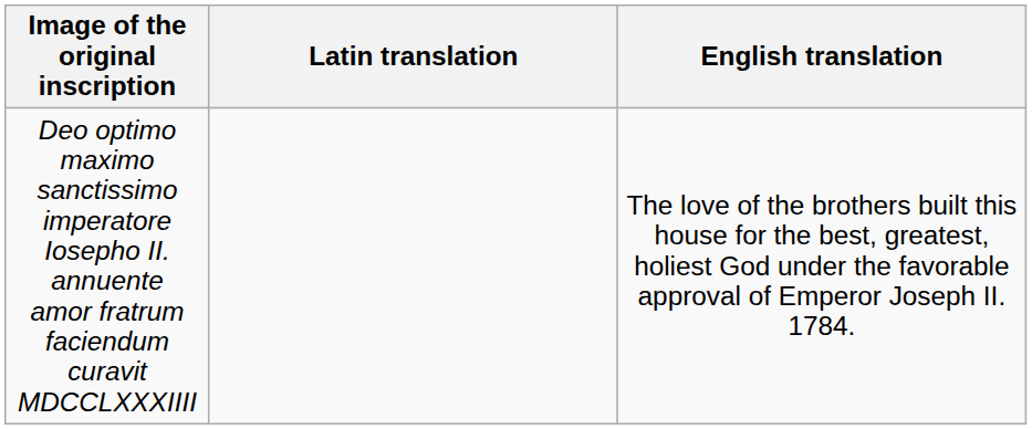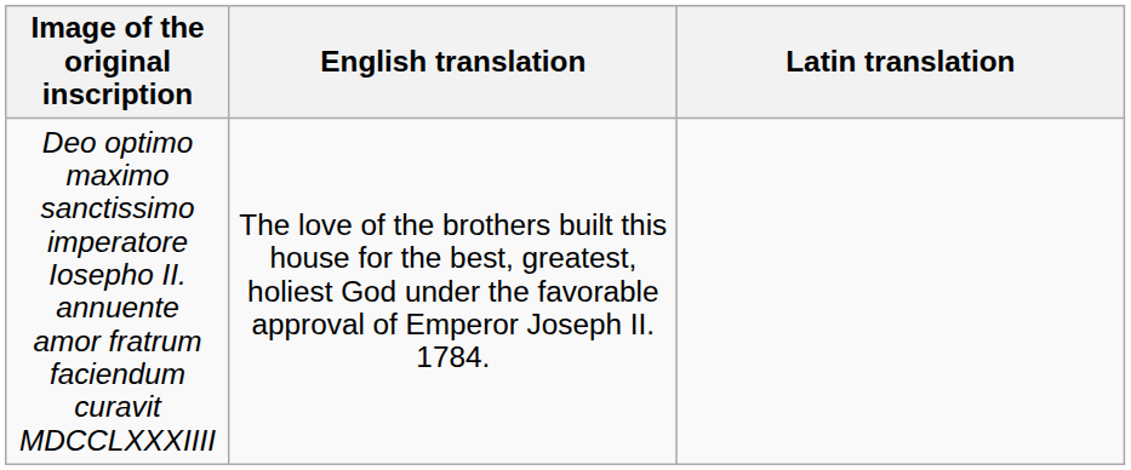 <table class="wikitable" style="text-align:center">
 <tr>
 <th style="width:20%">Image of the original inscription</th>
+<th style="width:40%">English translation</th>
 <th style="width:40%">Latin translation</th>
-<th style="width:40%">English translation</th>
 </tr>
 <tr>
 <td {><em>Deo optimo maximo sanctissimo<br>imperatore Iosepho II.<br>annuente<br>amor fratrum<br>faciendum curavit<br>MDCCLXXXIIII</em></td>
+<td>The love of the brothers built this house for the best, greatest, holiest God under the favorable approval of Emperor Joseph II. 1784.</td>
 <td></td>
-<td>The love of the brothers built this house for the best, greatest, holiest God under the favorable approval of Emperor Joseph II. 1784.</td>
 </tr>
 </table>
